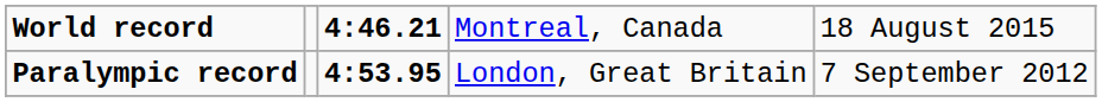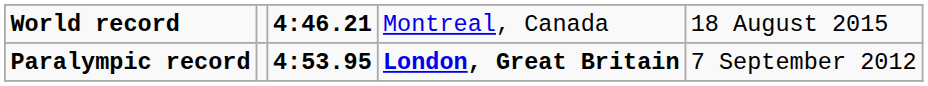 <table class="wikitable">
 <tr>
 <td><strong>World record</strong></td>
 <td></td>
 <td><strong>4:46.21</strong></td>
 <td><a href='#'>Montreal</a>, Canada</td>
 <td>18 August 2015</td>
 </tr>
 <tr>
 <td><strong>Paralympic record</strong></td>
 <td></td>
 <td><strong>4:53.95</strong></td>
-<td><a href='#'>London</a>, Great Britain</td>
+<td><strong><a href='#'>London</a>, Great Britain</strong></td>
 <td>7 September 2012</td>
 </tr>
 </table>
